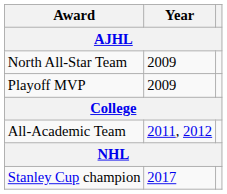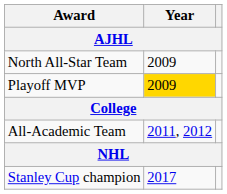 <table class="wikitable">
 <tr>
 <th>Award</th>
 <th>Year</th>
 <th></th>
 </tr>
 <tr>
 <th colspan="3"><a href='#'>AJHL</a></th>
 </tr>
 <tr>
 <td>North All-Star Team</td>
 <td>2009</td>
 <td></td>
 </tr>
 <tr>
 <td>Playoff MVP</td>
-<td>2009</td>
+<td style="background: gold;">2009</td>
 <td></td>
 </tr>
 <tr>
 <th colspan="3"><a href='#'>College</a></th>
 </tr>
 <tr>
 <td>All-Academic Team</td>
 <td><a href='#'>2011</a>, <a href='#'>2012</a></td>
 <td></td>
 </tr>
 <tr>
 <th colspan="3"><a href='#'>NHL</a></th>
 </tr>
 <tr>
 <td><a href='#'>Stanley Cup</a> champion</td>
 <td><a href='#'>2017</a></td>
 <td></td>
 </tr>
 </table>
